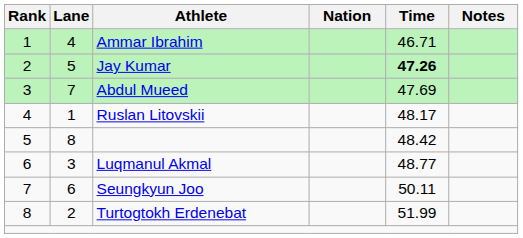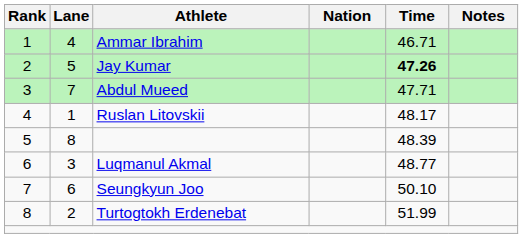 <table class="wikitable sortable" style="text-align:center;width: 60%;">
 <tr>
 <th scope="col" style="width: 10px;">Rank</th>
 <th scope="col" style="width: 10px;">Lane</th>
 <th scope="col">Athlete</th>
 <th scope="col">Nation</th>
 <th scope="col">Time</th>
 <th scope="col">Notes</th>
 </tr>
 <tr bgcolor=bbf3bb>
 <td>1</td>
 <td>4</td>
 <td align="left"><a href='#'>Ammar Ibrahim</a></td>
 <td align="left"></td>
 <td>46.71</td>
 <td></td>
 </tr>
 <tr bgcolor=bbf3bb>
 <td>2</td>
 <td>5</td>
 <td align="left"><a href='#'>Jay Kumar</a></td>
 <td align="left"></td>
 <td><strong>47.26</strong></td>
 <td></td>
 </tr>
 <tr bgcolor=bbf3bb>
 <td>3</td>
 <td>7</td>
 <td align="left"><a href='#'>Abdul Mueed</a></td>
 <td align="left"></td>
-<td>47.69</td>
+<td>47.71</td>
 <td></td>
 </tr>
 <tr>
 <td>4</td>
 <td>1</td>
 <td align="left"><a href='#'>Ruslan Litovskii</a></td>
 <td align="left"></td>
 <td>48.17</td>
 <td></td>
 </tr>
 <tr>
 <td>5</td>
 <td>8</td>
 <td align="left"></td>
 <td align="left"></td>
-<td>48.42</td>
+<td>48.39</td>
 <td></td>
 </tr>
 <tr>
 <td>6</td>
 <td>3</td>
 <td align="left"><a href='#'>Luqmanul Akmal</a></td>
 <td align="left"></td>
 <td>48.77</td>
 <td></td>
 </tr>
 <tr>
 <td>7</td>
 <td>6</td>
 <td align="left"><a href='#'>Seungkyun Joo</a></td>
 <td align="left"></td>
-<td>50.11</td>
+<td>50.10</td>
 <td></td>
 </tr>
 <tr>
 <td>8</td>
 <td>2</td>
 <td align="left"><a href='#'>Turtogtokh Erdenebat</a></td>
 <td align="left"></td>
 <td>51.99</td>
 <td></td>
 </tr>
 <tr class="sortbottom">
 <td colspan="6"></td>
 </tr>
 </table>
